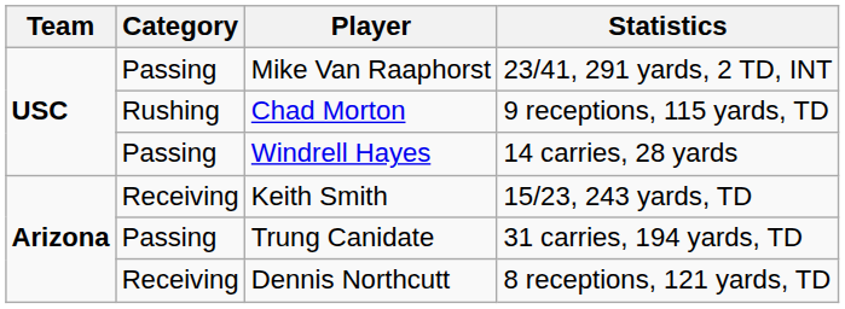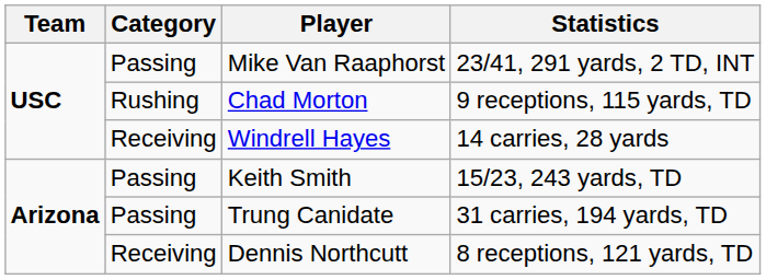 <table class="wikitable" style="float: right;">
 <tr>
 <th>Team</th>
 <th>Category</th>
 <th>Player</th>
 <th>Statistics</th>
 </tr>
 <tr>
 <td rowspan=3><strong>USC</strong></td>
 <td>Passing</td>
 <td>Mike Van Raaphorst</td>
 <td>23/41, 291 yards, 2 TD, INT</td>
 </tr>
 <tr>
 <td>Rushing</td>
 <td><a href='#'>Chad Morton</a></td>
 <td>9 receptions, 115 yards, TD</td>
 </tr>
 <tr>
-<td>Passing</td>
+<td>Receiving</td>
 <td><a href='#'>Windrell Hayes</a></td>
 <td>14 carries, 28 yards</td>
 </tr>
 <tr>
 <td rowspan=3><strong>Arizona</strong></td>
-<td>Receiving</td>
+<td>Passing</td>
 <td>Keith Smith</td>
 <td>15/23, 243 yards, TD</td>
 </tr>
 <tr>
 <td>Passing</td>
 <td>Trung Canidate</td>
 <td>31 carries, 194 yards, TD</td>
 </tr>
 <tr>
 <td>Receiving</td>
 <td>Dennis Northcutt</td>
 <td>8 receptions, 121 yards, TD</td>
 </tr>
 </table>
